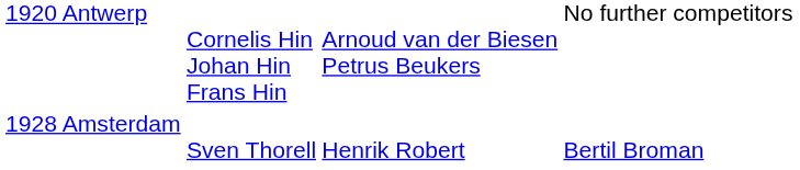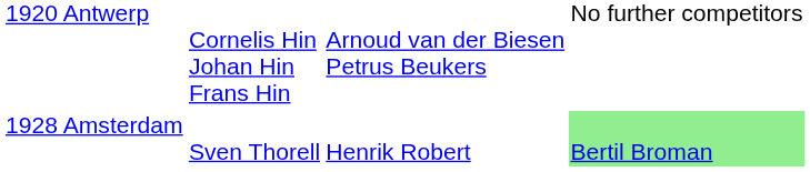 <table>
 <tr valign="top">
 <td><a href='#'>1920 Antwerp</a> <br> </td>
 <td><br><a href='#'>Cornelis Hin</a><br><a href='#'>Johan Hin</a><br><a href='#'>Frans Hin</a></td>
 <td><br><a href='#'>Arnoud van der Biesen</a><br><a href='#'>Petrus Beukers</a></td>
 <td>No further competitors</td>
 </tr>
 <tr valign="top">
 <td><a href='#'>1928 Amsterdam</a> <br> </td>
 <td><br><a href='#'>Sven Thorell</a></td>
 <td><br><a href='#'>Henrik Robert</a></td>
-<td><br><a href='#'>Bertil Broman</a></td>
+<td style="background: lightgreen;"><br><a href='#'>Bertil Broman</a></td>
 </tr>
 </table>
